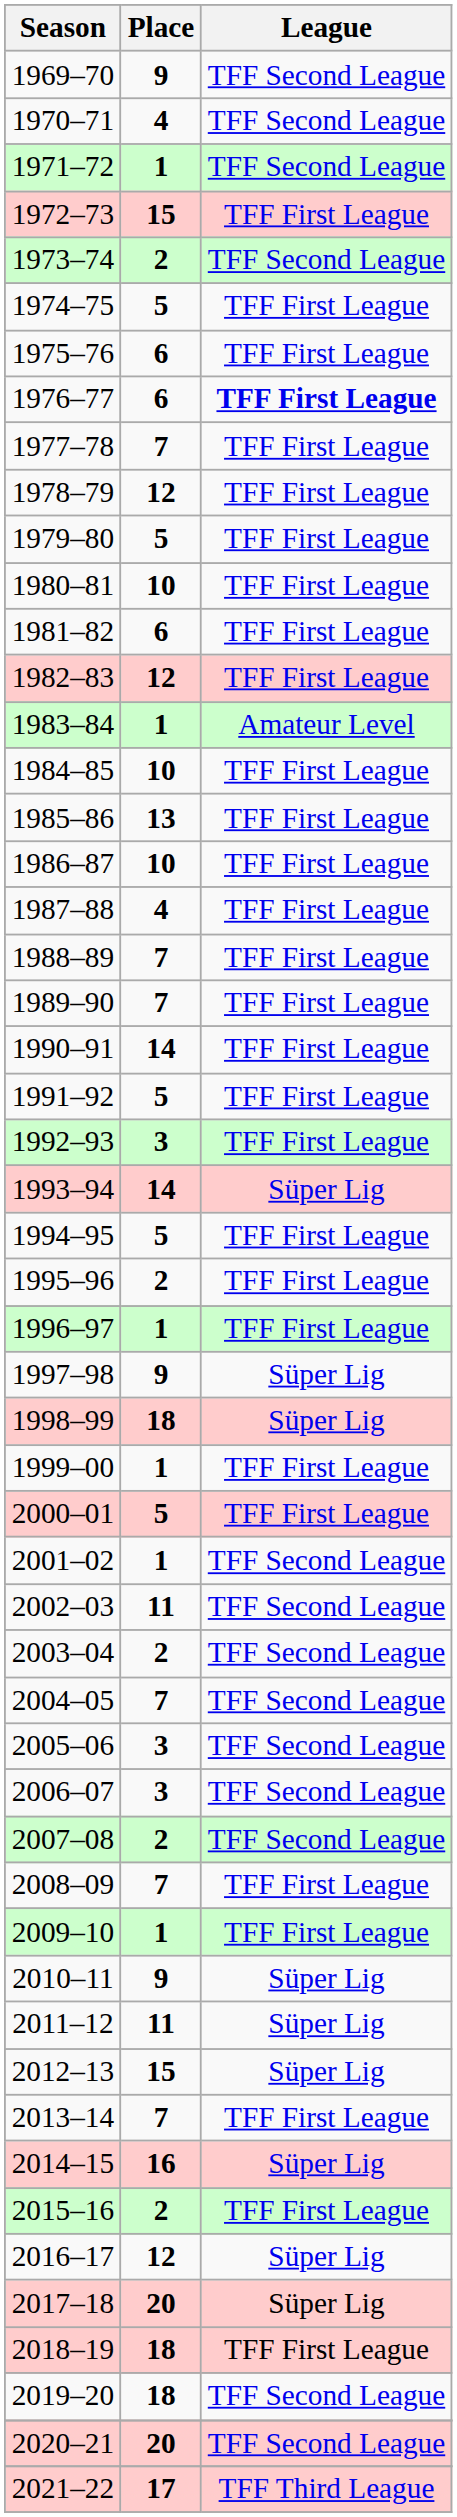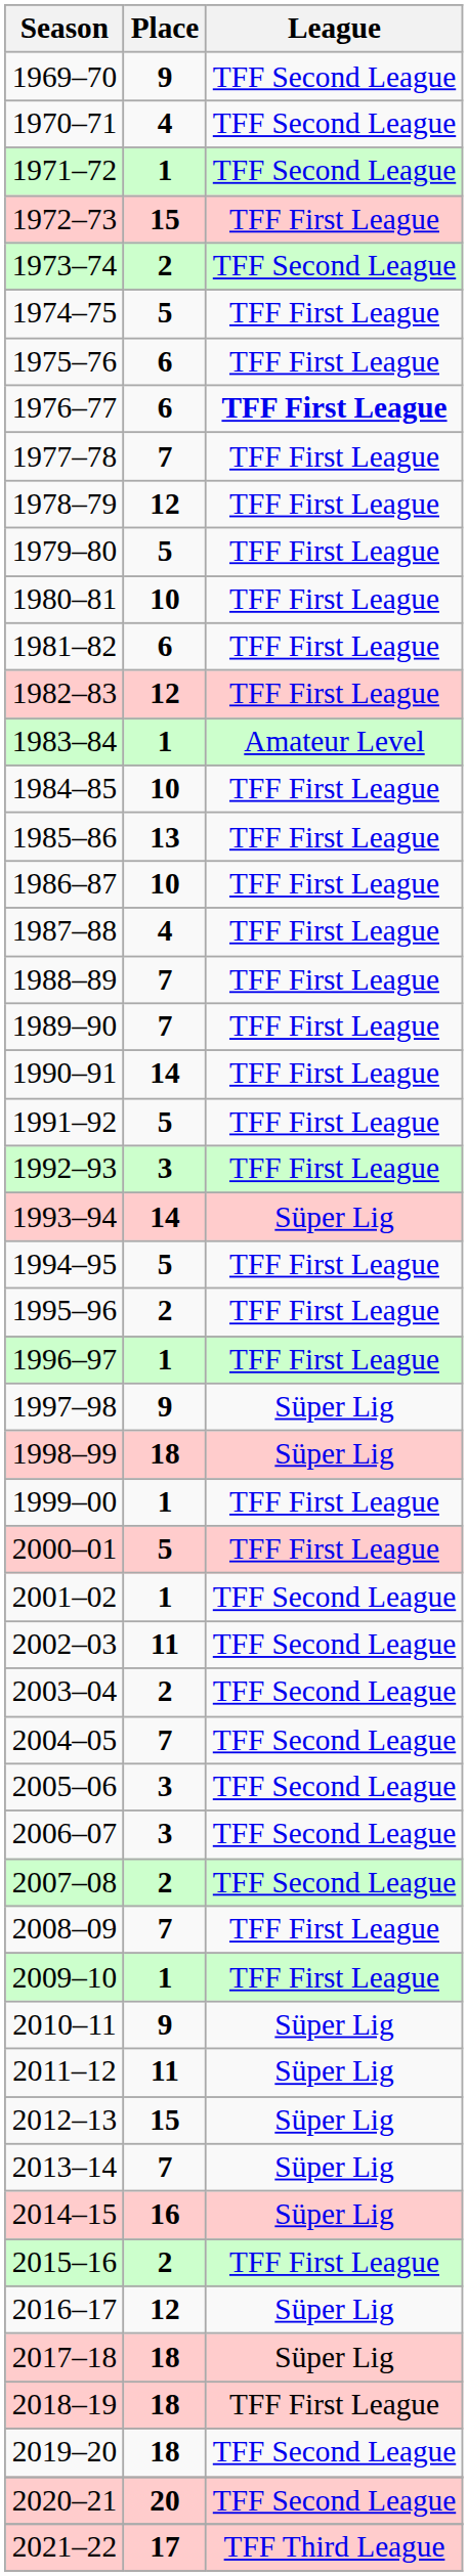 <table class="wikitable" style="text-align:center;">
 <tr>
 <th>Season</th>
 <th>Place</th>
 <th>League</th>
 </tr>
 <tr>
 <td>1969–70</td>
 <td><strong>9</strong></td>
 <td><a href='#'>TFF Second League</a></td>
 </tr>
 <tr>
 <td>1970–71</td>
 <td><strong>4</strong></td>
 <td><a href='#'>TFF Second League</a></td>
 </tr>
 <tr style="vertical-align:top; background:#CCFFCC;">
 <td>1971–72</td>
 <td><strong>1</strong></td>
 <td><a href='#'>TFF Second League</a></td>
 </tr>
 <tr style="vertical-align:top; background:#FFCCCC;">
 <td>1972–73</td>
 <td><strong>15</strong></td>
 <td><a href='#'>TFF First League</a></td>
 </tr>
 <tr style="vertical-align:top; background:#CCFFCC;">
 <td>1973–74</td>
 <td><strong>2</strong></td>
 <td><a href='#'>TFF Second League</a></td>
 </tr>
 <tr>
 <td>1974–75</td>
 <td><strong>5</strong></td>
 <td><a href='#'>TFF First League</a></td>
 </tr>
 <tr>
 <td>1975–76</td>
 <td><strong>6</strong></td>
 <td><a href='#'>TFF First League</a></td>
 </tr>
 <tr>
 <td>1976–77</td>
 <td><strong>6</strong></td>
 <td><strong><a href='#'>TFF First League</a></strong></td>
 </tr>
 <tr>
 <td>1977–78</td>
 <td><strong>7</strong></td>
 <td><a href='#'>TFF First League</a></td>
 </tr>
 <tr>
 <td>1978–79</td>
 <td><strong>12</strong></td>
 <td><a href='#'>TFF First League</a></td>
 </tr>
 <tr>
 <td>1979–80</td>
 <td><strong>5</strong></td>
 <td><a href='#'>TFF First League</a></td>
 </tr>
 <tr>
 <td>1980–81</td>
 <td><strong>10</strong></td>
 <td><a href='#'>TFF First League</a></td>
 </tr>
 <tr>
 <td>1981–82</td>
 <td><strong>6</strong></td>
 <td><a href='#'>TFF First League</a></td>
 </tr>
 <tr style="vertical-align:top; background:#FFCCCC;">
 <td>1982–83</td>
 <td><strong>12</strong></td>
 <td><a href='#'>TFF First League</a></td>
 </tr>
 <tr style="vertical-align:top; background:#CCFFCC;">
 <td>1983–84</td>
 <td><strong>1</strong></td>
 <td><a href='#'>Amateur Level</a></td>
 </tr>
 <tr>
 <td>1984–85</td>
 <td><strong>10</strong></td>
 <td><a href='#'>TFF First League</a></td>
 </tr>
 <tr>
 <td>1985–86</td>
 <td><strong>13</strong></td>
 <td><a href='#'>TFF First League</a></td>
 </tr>
 <tr>
 <td>1986–87</td>
 <td><strong>10</strong></td>
 <td><a href='#'>TFF First League</a></td>
 </tr>
 <tr>
 <td>1987–88</td>
 <td><strong>4</strong></td>
 <td><a href='#'>TFF First League</a></td>
 </tr>
 <tr>
 <td>1988–89</td>
 <td><strong>7</strong></td>
 <td><a href='#'>TFF First League</a></td>
 </tr>
 <tr>
 <td>1989–90</td>
 <td><strong>7</strong></td>
 <td><a href='#'>TFF First League</a></td>
 </tr>
 <tr>
 <td>1990–91</td>
 <td><strong>14</strong></td>
 <td><a href='#'>TFF First League</a></td>
 </tr>
 <tr>
 <td>1991–92</td>
 <td><strong>5</strong></td>
 <td><a href='#'>TFF First League</a></td>
 </tr>
 <tr style="vertical-align:top; background:#CCFFCC;">
 <td>1992–93</td>
 <td><strong>3</strong></td>
 <td><a href='#'>TFF First League</a></td>
 </tr>
 <tr style="vertical-align:top; background:#FFCCCC;">
 <td>1993–94</td>
 <td><strong>14</strong></td>
 <td><a href='#'>Süper Lig</a></td>
 </tr>
 <tr>
 <td>1994–95</td>
 <td><strong>5</strong></td>
 <td><a href='#'>TFF First League</a></td>
 </tr>
 <tr>
 <td>1995–96</td>
 <td><strong>2</strong></td>
 <td><a href='#'>TFF First League</a></td>
 </tr>
 <tr style="vertical-align:top; background:#CCFFCC;">
 <td>1996–97</td>
 <td><strong>1</strong></td>
 <td><a href='#'>TFF First League</a></td>
 </tr>
 <tr>
 <td>1997–98</td>
 <td><strong>9</strong></td>
 <td><a href='#'>Süper Lig</a></td>
 </tr>
 <tr style="vertical-align:top; background:#FFCCCC;">
 <td>1998–99</td>
 <td><strong>18</strong></td>
 <td><a href='#'>Süper Lig</a></td>
 </tr>
 <tr>
 <td>1999–00</td>
 <td><strong>1</strong></td>
 <td><a href='#'>TFF First League</a></td>
 </tr>
 <tr style="vertical-align:top; background:#FFCCCC;">
 <td>2000–01</td>
 <td><strong>5</strong></td>
 <td><a href='#'>TFF First League</a></td>
 </tr>
 <tr>
 <td>2001–02</td>
 <td><strong>1</strong></td>
 <td><a href='#'>TFF Second League</a></td>
 </tr>
 <tr>
 <td>2002–03</td>
 <td><strong>11</strong></td>
 <td><a href='#'>TFF Second League</a></td>
 </tr>
 <tr>
 <td>2003–04</td>
 <td><strong>2</strong></td>
 <td><a href='#'>TFF Second League</a></td>
 </tr>
 <tr>
 <td>2004–05</td>
 <td><strong>7</strong></td>
 <td><a href='#'>TFF Second League</a></td>
 </tr>
 <tr>
 <td>2005–06</td>
 <td><strong>3</strong></td>
 <td><a href='#'>TFF Second League</a></td>
 </tr>
 <tr>
 <td>2006–07</td>
 <td><strong>3</strong></td>
 <td><a href='#'>TFF Second League</a></td>
 </tr>
 <tr style="vertical-align:top; background:#CCFFCC;">
 <td>2007–08</td>
 <td><strong>2</strong></td>
 <td><a href='#'>TFF Second League</a></td>
 </tr>
 <tr>
 <td>2008–09</td>
 <td><strong>7</strong></td>
 <td><a href='#'>TFF First League</a></td>
 </tr>
 <tr style="vertical-align:top; background:#CCFFCC;">
 <td>2009–10</td>
 <td><strong>1</strong></td>
 <td><a href='#'>TFF First League</a></td>
 </tr>
 <tr>
 <td>2010–11</td>
 <td><strong>9</strong></td>
 <td><a href='#'>Süper Lig</a></td>
 </tr>
 <tr>
 <td>2011–12</td>
 <td><strong>11</strong></td>
 <td><a href='#'>Süper Lig</a></td>
 </tr>
 <tr>
 <td>2012–13</td>
 <td><strong>15</strong></td>
 <td><a href='#'>Süper Lig</a></td>
 </tr>
 <tr>
 <td>2013–14</td>
 <td><strong>7</strong></td>
-<td><a href='#'>TFF First League</a></td>
+<td><a href='#'>Süper Lig</a></td>
 </tr>
 <tr style="vertical-align:top; background:#FFCCCC;">
 <td>2014–15</td>
 <td><strong>16</strong></td>
 <td><a href='#'>Süper Lig</a></td>
 </tr>
 <tr style="vertical-align:top; background:#CCFFCC;">
 <td>2015–16</td>
 <td><strong>2</strong></td>
 <td><a href='#'>TFF First League</a></td>
 </tr>
 <tr>
 <td>2016–17</td>
 <td><strong>12</strong></td>
 <td><a href='#'>Süper Lig</a></td>
 </tr>
 <tr style="vertical-align:top; background:#FFCCCC;">
 <td>2017–18</td>
-<td><strong>20</strong></td>
+<td><strong>18</strong></td>
 <td>Süper Lig</td>
 </tr>
 <tr style="background:#FFCCCC;">
 <td>2018–19</td>
 <td><strong>18</strong></td>
 <td>TFF First League</td>
 </tr>
 <tr>
 <td>2019–20</td>
 <td><strong>18</strong></td>
 <td><a href='#'>TFF Second League</a></td>
 </tr>
 <tr>
 </tr>
 <tr style="background:#FFCCCC;">
 <td>2020–21</td>
 <td><strong>20</strong></td>
 <td><a href='#'>TFF Second League</a></td>
 </tr>
 <tr>
 </tr>
 <tr>
 </tr>
 <tr style="background:#FFCCCC;">
 <td>2021–22</td>
 <td><strong>17</strong></td>
 <td><a href='#'>TFF Third League</a></td>
 </tr>
 </table>
